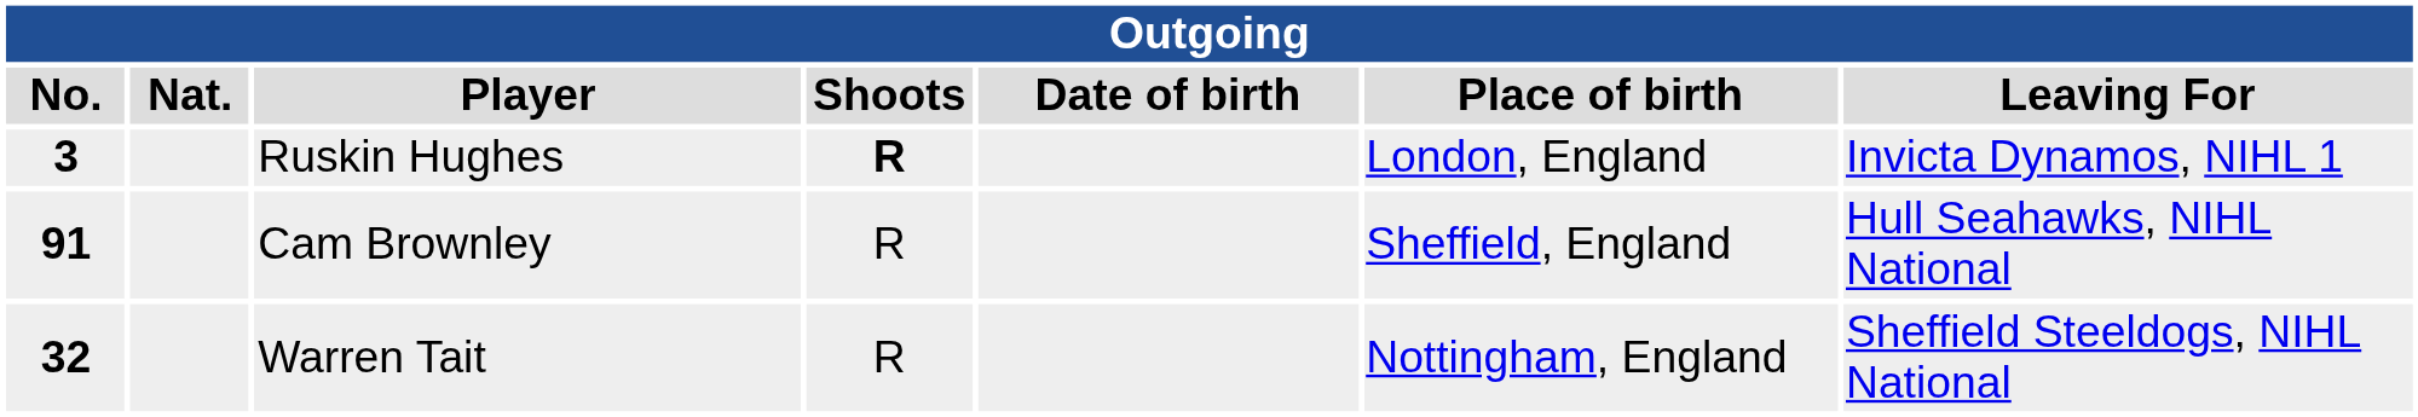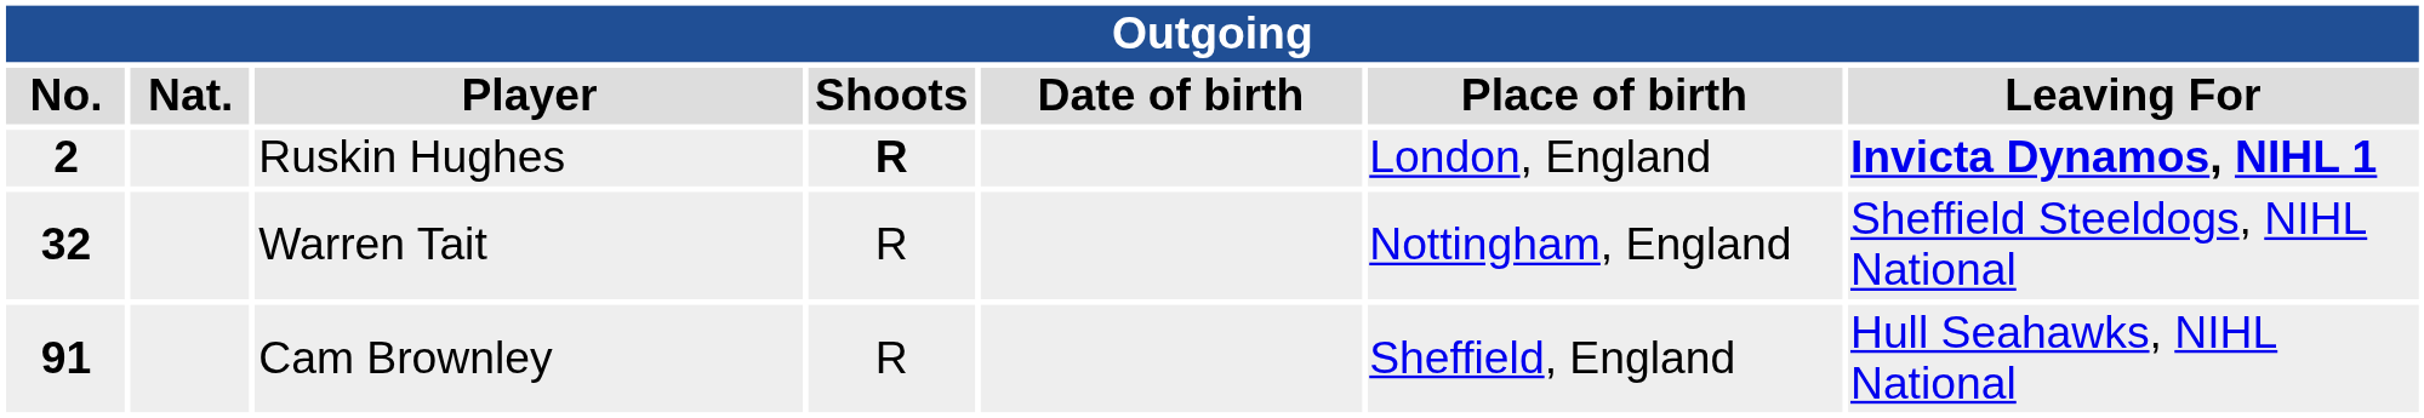 <table class="toccolours" style="width:97%; clear:both; margin:1.5em auto; text-align:center;">
 <tr>
 <th colspan="7" style="background:#204f95; color:#ffffff;”">Outgoing</th>
 </tr>
 <tr style="background:#ddd;">
 <th width="5%">No.</th>
 <th width="5%">Nat.</th>
 <th>Player</th>
 <th width="7%">Shoots</th>
 <th width="16%">Date of birth</th>
 <th width="20%">Place of birth</th>
 <th width="24%">Leaving For</th>
 </tr>
 <tr style="background:#eee;">
-<td><strong>3</strong></td>
+<td><strong>2</strong></td>
 <td></td>
 <td align=left>Ruskin Hughes</td>
 <td><strong>R</strong></td>
 <td align=left></td>
 <td align=left><a href='#'>London</a>, England</td>
-<td align=left><a href='#'>Invicta Dynamos</a>, <a href='#'>NIHL 1</a></td>
+<td align=left><strong><a href='#'>Invicta Dynamos</a>, <a href='#'>NIHL 1</a></strong></td>
+</tr>
+<tr style="background:#eee;">
+<td><strong>32</strong></td>
+<td></td>
+<td align=left>Warren Tait</td>
+<td>R</td>
+<td align=left></td>
+<td align=left><a href='#'>Nottingham</a>, England</td>
+<td align=left><a href='#'>Sheffield Steeldogs</a>, <a href='#'>NIHL National</a></td>
 </tr>
 <tr style="background:#eee;">
 <td><strong>91</strong></td>
 <td></td>
 <td align=left>Cam Brownley</td>
 <td>R</td>
 <td align=left></td>
 <td align=left><a href='#'>Sheffield</a>, England</td>
 <td align=left><a href='#'>Hull Seahawks</a>, <a href='#'>NIHL National</a></td>
 </tr>
-<tr style="background:#eee;">
-<td><strong>32</strong></td>
-<td></td>
-<td align=left>Warren Tait</td>
-<td>R</td>
-<td align=left></td>
-<td align=left><a href='#'>Nottingham</a>, England</td>
-<td align=left><a href='#'>Sheffield Steeldogs</a>, <a href='#'>NIHL National</a></td>
-</tr>
 </table>
